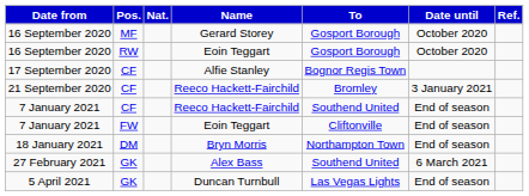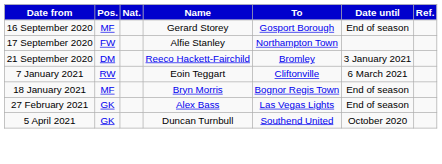 <table class="wikitable"  style="text-align:center; font-size:90%; ">
 <tr>
 <th style="background:mediumblue;color:white;">Date from</th>
 <th style="background:mediumblue;color:white;">Pos.</th>
 <th style="background:mediumblue;color:white;">Nat.</th>
 <th style="background:mediumblue;color:white;">Name</th>
 <th style="background:mediumblue;color:white;">To</th>
 <th style="background:mediumblue;color:white;">Date until</th>
 <th style="background:mediumblue;color:white;">Ref.</th>
 </tr>
 <tr>
 <td>16 September 2020</td>
 <td><a href='#'>MF</a></td>
 <td></td>
 <td>Gerard Storey</td>
 <td> <a href='#'>Gosport Borough</a></td>
-<td>October 2020</td>
-<td></td>
-</tr>
-<tr>
-<td>16 September 2020</td>
-<td><a href='#'>RW</a></td>
-<td></td>
-<td>Eoin Teggart</td>
-<td> <a href='#'>Gosport Borough</a></td>
-<td>October 2020</td>
+<td>End of season</td>
 <td></td>
 </tr>
 <tr>
 <td>17 September 2020</td>
-<td><a href='#'>CF</a></td>
+<td><a href='#'>FW</a></td>
 <td></td>
 <td>Alfie Stanley</td>
-<td> <a href='#'>Bognor Regis Town</a></td>
+<td> <a href='#'>Northampton Town</a></td>
 <td></td>
 <td></td>
 </tr>
 <tr>
 <td>21 September 2020</td>
-<td><a href='#'>CF</a></td>
+<td><a href='#'>DM</a></td>
 <td></td>
 <td><a href='#'>Reeco Hackett-Fairchild</a></td>
 <td> <a href='#'>Bromley</a></td>
 <td>3 January 2021</td>
 <td></td>
 </tr>
 <tr>
 <td>7 January 2021</td>
-<td><a href='#'>CF</a></td>
-<td></td>
-<td><a href='#'>Reeco Hackett-Fairchild</a></td>
-<td> <a href='#'>Southend United</a></td>
-<td>End of season</td>
-<td></td>
-</tr>
-<tr>
-<td>7 January 2021</td>
-<td><a href='#'>FW</a></td>
+<td><a href='#'>RW</a></td>
 <td></td>
 <td>Eoin Teggart</td>
 <td> <a href='#'>Cliftonville</a></td>
-<td>End of season</td>
+<td>6 March 2021</td>
 <td></td>
 </tr>
 <tr>
 <td>18 January 2021</td>
-<td><a href='#'>DM</a></td>
+<td><a href='#'>MF</a></td>
 <td></td>
 <td><a href='#'>Bryn Morris</a></td>
-<td> <a href='#'>Northampton Town</a></td>
+<td> <a href='#'>Bognor Regis Town</a></td>
 <td>End of season</td>
 <td></td>
 </tr>
 <tr>
 <td>27 February 2021</td>
 <td><a href='#'>GK</a></td>
 <td></td>
 <td><a href='#'>Alex Bass</a></td>
-<td> <a href='#'>Southend United</a></td>
-<td>6 March 2021</td>
+<td> <a href='#'>Las Vegas Lights</a></td>
+<td>End of season</td>
 <td></td>
 </tr>
 <tr>
 <td>5 April 2021</td>
 <td><a href='#'>GK</a></td>
 <td></td>
 <td>Duncan Turnbull</td>
-<td> <a href='#'>Las Vegas Lights</a></td>
-<td>End of season</td>
+<td> <a href='#'>Southend United</a></td>
+<td>October 2020</td>
 <td></td>
 </tr>
 </table>
